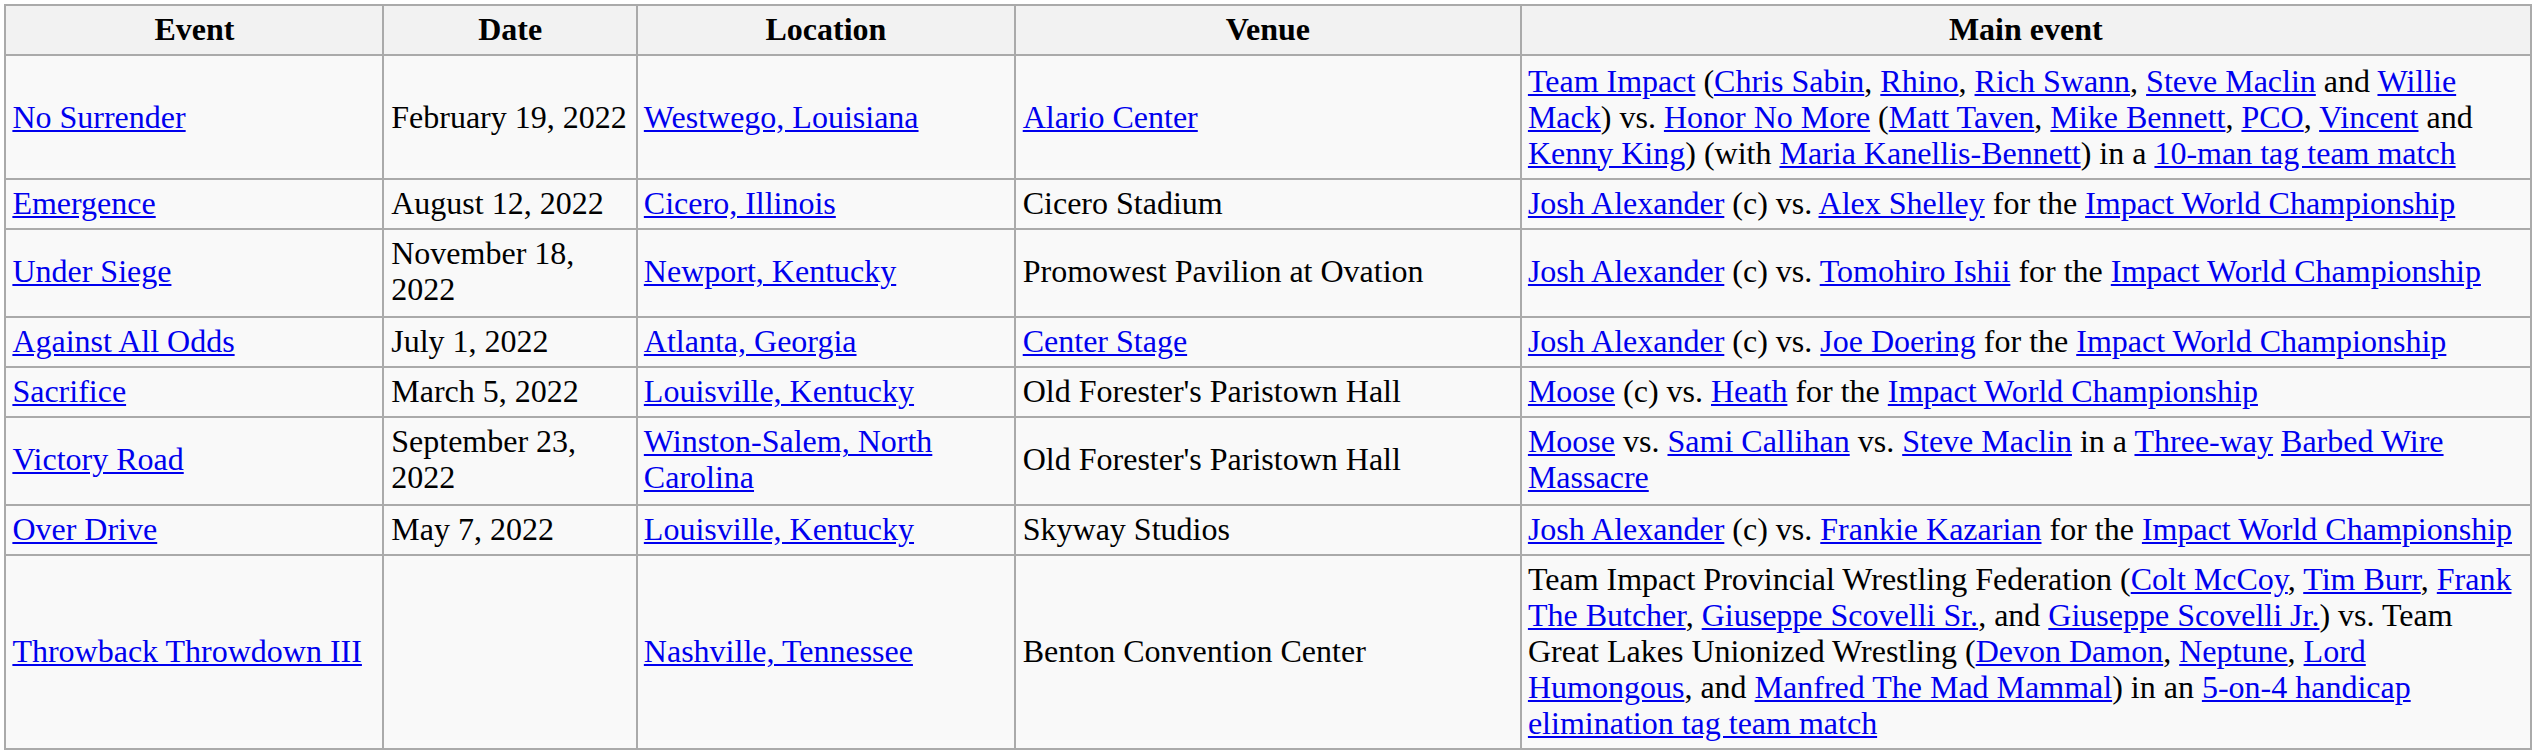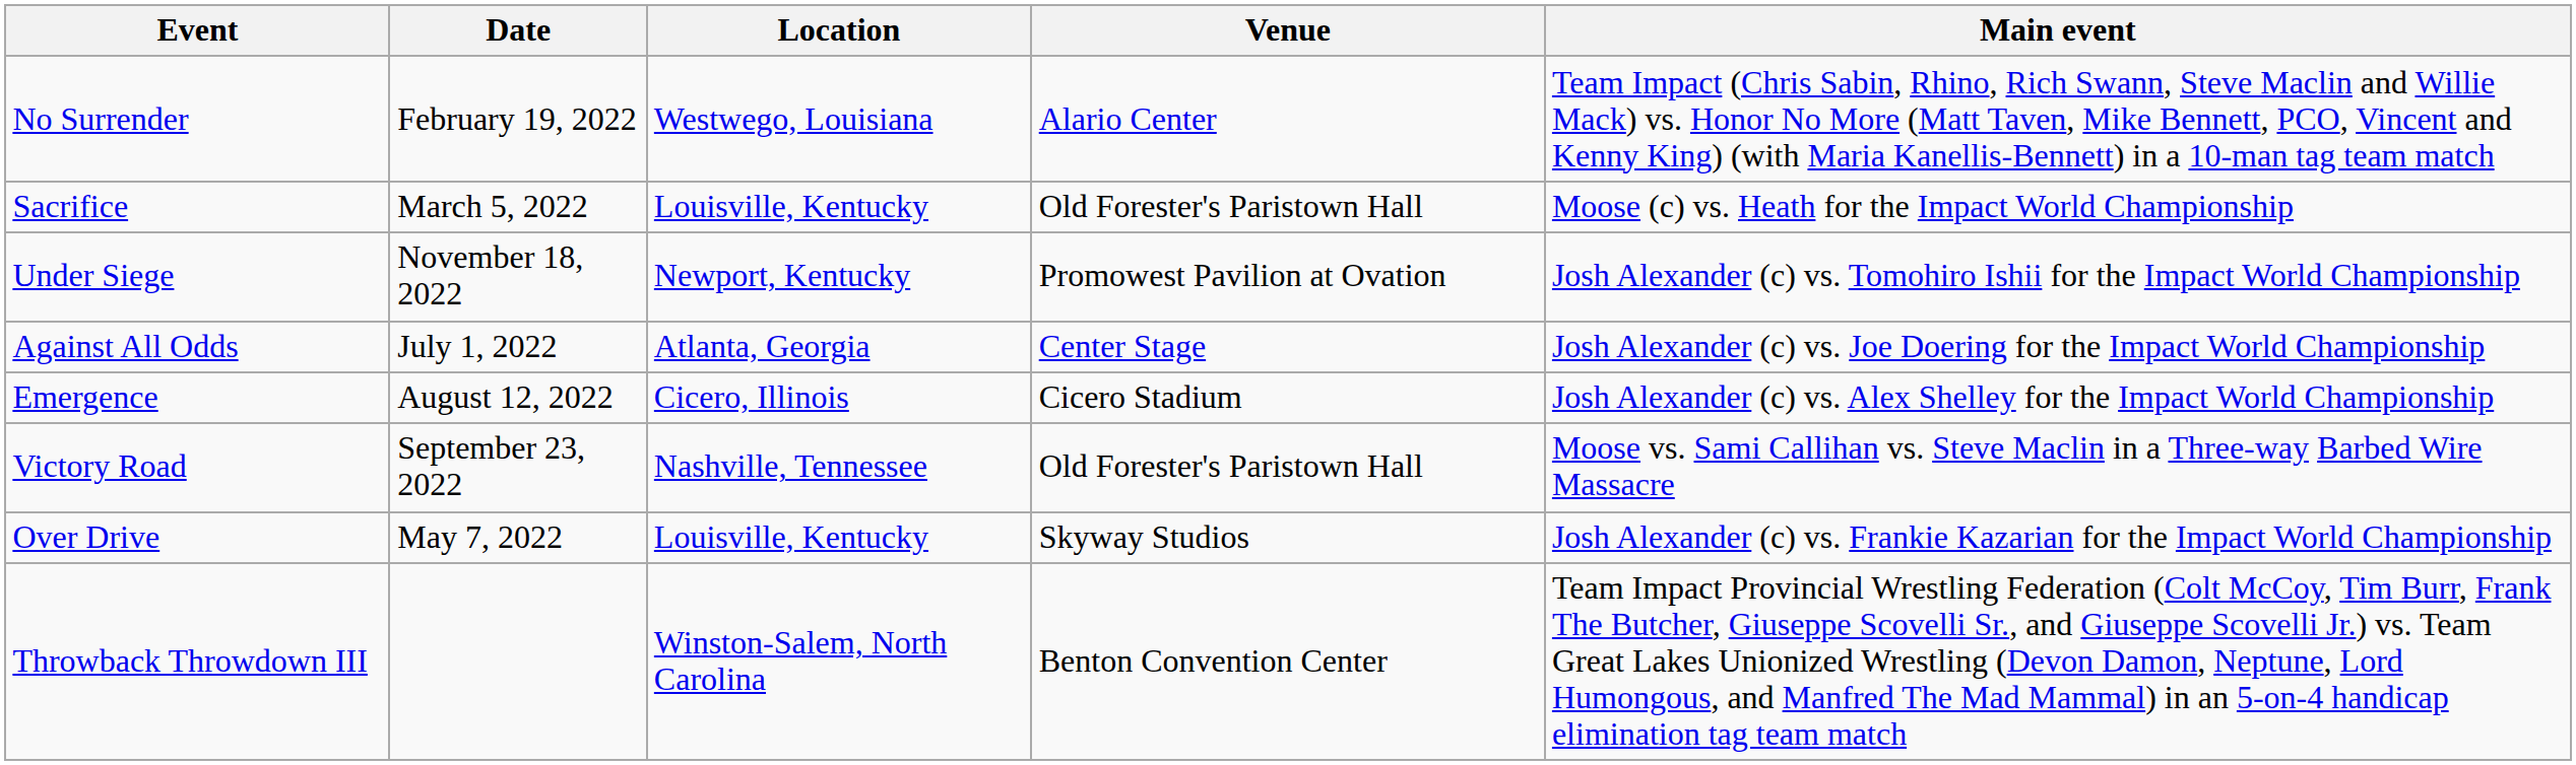 <table class="wikitable sortable" width="100%" style="align: center">
 <tr>
 <th width="15%">Event</th>
 <th width="10%">Date</th>
 <th width="15%">Location</th>
 <th width="20%">Venue</th>
 <th width="40%">Main event</th>
 </tr>
 <tr>
 <td><a href='#'>No Surrender</a></td>
 <td>February 19, 2022</td>
 <td><a href='#'>Westwego, Louisiana</a></td>
 <td><a href='#'>Alario Center</a></td>
 <td><a href='#'>Team Impact</a> (<a href='#'>Chris Sabin</a>, <a href='#'>Rhino</a>, <a href='#'>Rich Swann</a>, <a href='#'>Steve Maclin</a> and <a href='#'>Willie Mack</a>) vs. <a href='#'>Honor No More</a> (<a href='#'>Matt Taven</a>, <a href='#'>Mike Bennett</a>, <a href='#'>PCO</a>, <a href='#'>Vincent</a> and <a href='#'>Kenny King</a>) (with <a href='#'>Maria Kanellis-Bennett</a>) in a <a href='#'>10-man tag team match</a></td>
 </tr>
 <tr>
-<td><a href='#'>Emergence</a></td>
-<td>August 12, 2022</td>
-<td><a href='#'>Cicero, Illinois</a></td>
-<td>Cicero Stadium</td>
-<td><a href='#'>Josh Alexander</a> (c) vs. <a href='#'>Alex Shelley</a> for the <a href='#'>Impact World Championship</a></td>
+<td><a href='#'>Sacrifice</a></td>
+<td>March 5, 2022</td>
+<td><a href='#'>Louisville, Kentucky</a></td>
+<td>Old Forester's Paristown Hall</td>
+<td><a href='#'>Moose</a> (c) vs. <a href='#'>Heath</a> for the <a href='#'>Impact World Championship</a></td>
 </tr>
 <tr>
 <td><a href='#'>Under Siege</a></td>
 <td>November 18, 2022</td>
 <td><a href='#'>Newport, Kentucky</a></td>
 <td>Promowest Pavilion at Ovation</td>
 <td><a href='#'>Josh Alexander</a> (c) vs. <a href='#'>Tomohiro Ishii</a> for the <a href='#'>Impact World Championship</a></td>
 </tr>
 <tr>
 <td><a href='#'>Against All Odds</a></td>
 <td>July 1, 2022</td>
 <td><a href='#'>Atlanta, Georgia</a></td>
 <td><a href='#'>Center Stage</a></td>
 <td><a href='#'>Josh Alexander</a> (c) vs. <a href='#'>Joe Doering</a> for the <a href='#'>Impact World Championship</a></td>
 </tr>
 <tr>
-<td><a href='#'>Sacrifice</a></td>
-<td>March 5, 2022</td>
-<td><a href='#'>Louisville, Kentucky</a></td>
-<td>Old Forester's Paristown Hall</td>
-<td><a href='#'>Moose</a> (c) vs. <a href='#'>Heath</a> for the <a href='#'>Impact World Championship</a></td>
+<td><a href='#'>Emergence</a></td>
+<td>August 12, 2022</td>
+<td><a href='#'>Cicero, Illinois</a></td>
+<td>Cicero Stadium</td>
+<td><a href='#'>Josh Alexander</a> (c) vs. <a href='#'>Alex Shelley</a> for the <a href='#'>Impact World Championship</a></td>
 </tr>
 <tr>
 <td><a href='#'>Victory Road</a></td>
 <td>September 23, 2022</td>
-<td><a href='#'>Winston-Salem, North Carolina</a></td>
+<td><a href='#'>Nashville, Tennessee</a></td>
 <td>Old Forester's Paristown Hall</td>
 <td><a href='#'>Moose</a> vs. <a href='#'>Sami Callihan</a> vs. <a href='#'>Steve Maclin</a> in a <a href='#'>Three-way</a> <a href='#'>Barbed Wire Massacre</a></td>
 </tr>
 <tr>
 <td><a href='#'>Over Drive</a></td>
 <td>May 7, 2022</td>
 <td><a href='#'>Louisville, Kentucky</a></td>
 <td>Skyway Studios</td>
 <td><a href='#'>Josh Alexander</a> (c) vs. <a href='#'>Frankie Kazarian</a> for the <a href='#'>Impact World Championship</a></td>
 </tr>
 <tr>
 <td><a href='#'>Throwback Throwdown III</a></td>
 <td></td>
-<td><a href='#'>Nashville, Tennessee</a></td>
+<td><a href='#'>Winston-Salem, North Carolina</a></td>
 <td>Benton Convention Center</td>
 <td>Team Impact Provincial Wrestling Federation (<a href='#'>Colt McCoy</a>, <a href='#'>Tim Burr</a>, <a href='#'>Frank The Butcher</a>, <a href='#'>Giuseppe Scovelli Sr.</a>, and <a href='#'>Giuseppe Scovelli Jr.</a>) vs. Team Great Lakes Unionized Wrestling (<a href='#'>Devon Damon</a>, <a href='#'>Neptune</a>, <a href='#'>Lord Humongous</a>, and <a href='#'>Manfred The Mad Mammal</a>) in an <a href='#'>5-on-4 handicap</a> <a href='#'>elimination tag team match</a></td>
 </tr>
 </table>
